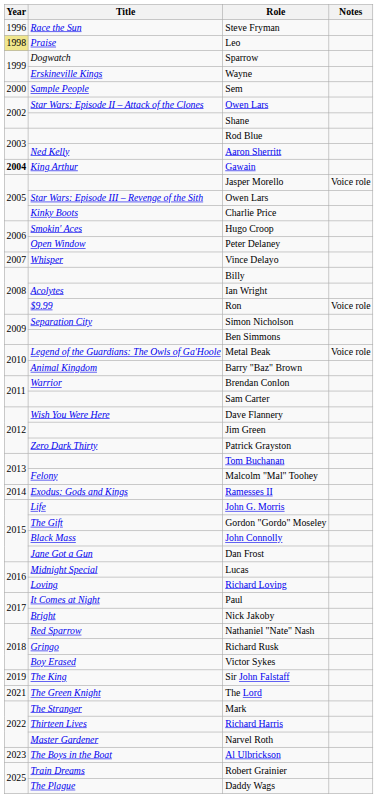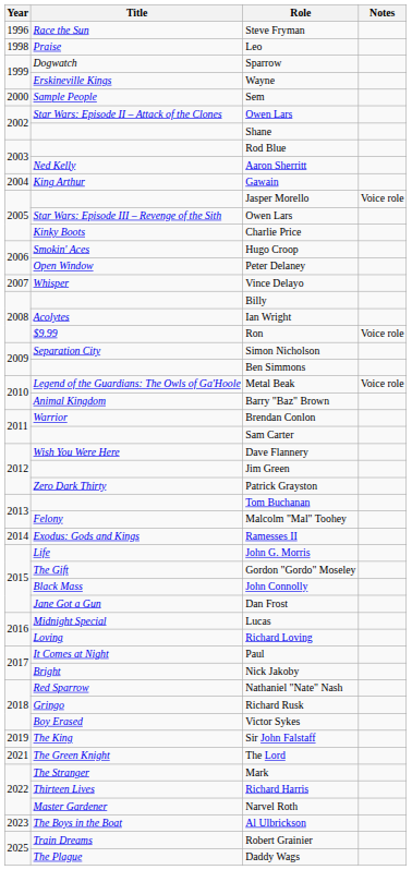 <table class="wikitable plainrowheaders sortable">
 <tr>
 <th scope="col">Year</th>
 <th scope="col">Title</th>
 <th scope="col">Role</th>
 <th class="unsortable">Notes</th>
 </tr>
 <tr>
 <td>1996</td>
 <td><em><a href='#'>Race the Sun</a></em></td>
 <td>Steve Fryman</td>
 <td></td>
 </tr>
 <tr>
-<td style="background: khaki;">1998</td>
+<td>1998</td>
 <td><em><a href='#'>Praise</a></em></td>
 <td>Leo</td>
 <td></td>
 </tr>
 <tr>
 <td rowspan="2">1999</td>
 <td><em>Dogwatch</em></td>
 <td>Sparrow</td>
 <td></td>
 </tr>
 <tr>
 <td><em><a href='#'>Erskineville Kings</a></em></td>
 <td>Wayne</td>
 <td></td>
 </tr>
 <tr>
 <td>2000</td>
 <td><em><a href='#'>Sample People</a></em></td>
 <td>Sem</td>
 <td></td>
 </tr>
 <tr>
 <td rowspan="2">2002</td>
 <td><em><a href='#'>Star Wars: Episode II – Attack of the Clones</a></em></td>
 <td><a href='#'>Owen Lars</a></td>
 <td></td>
 </tr>
 <tr>
 <td><em></em></td>
 <td>Shane</td>
 <td></td>
 </tr>
 <tr>
 <td rowspan="2">2003</td>
 <td><em></em></td>
 <td>Rod Blue</td>
 <td></td>
 </tr>
 <tr>
 <td><em><a href='#'>Ned Kelly</a></em></td>
 <td><a href='#'>Aaron Sherritt</a></td>
 <td></td>
 </tr>
 <tr>
-<td><strong>2004</strong></td>
+<td>2004</td>
 <td><em><a href='#'>King Arthur</a></em></td>
 <td><a href='#'>Gawain</a></td>
 <td></td>
 </tr>
 <tr>
 <td rowspan="3">2005</td>
 <td><em></em></td>
 <td>Jasper Morello</td>
 <td>Voice role</td>
 </tr>
 <tr>
 <td><em><a href='#'>Star Wars: Episode III – Revenge of the Sith</a></em></td>
 <td>Owen Lars</td>
 <td></td>
 </tr>
 <tr>
 <td><em><a href='#'>Kinky Boots</a></em></td>
 <td>Charlie Price</td>
 <td></td>
 </tr>
 <tr>
 <td rowspan="2">2006</td>
 <td><em><a href='#'>Smokin' Aces</a></em></td>
 <td>Hugo Croop</td>
 <td></td>
 </tr>
 <tr>
 <td><em><a href='#'>Open Window</a></em></td>
 <td>Peter Delaney</td>
 <td></td>
 </tr>
 <tr>
 <td>2007</td>
 <td><em><a href='#'>Whisper</a></em></td>
 <td>Vince Delayo</td>
 <td></td>
 </tr>
 <tr>
 <td rowspan="3">2008</td>
 <td><em></em></td>
 <td>Billy</td>
 <td></td>
 </tr>
 <tr>
 <td><em><a href='#'>Acolytes</a></em></td>
 <td>Ian Wright</td>
 <td></td>
 </tr>
 <tr>
 <td><em><a href='#'>$9.99</a></em></td>
 <td>Ron</td>
 <td>Voice role</td>
 </tr>
 <tr>
 <td rowspan="2">2009</td>
 <td><em><a href='#'>Separation City</a></em></td>
 <td>Simon Nicholson</td>
 <td></td>
 </tr>
 <tr>
 <td><em></em></td>
 <td>Ben Simmons</td>
 <td></td>
 </tr>
 <tr>
 <td rowspan="2">2010</td>
 <td><em><a href='#'>Legend of the Guardians: The Owls of Ga'Hoole</a></em></td>
 <td>Metal Beak</td>
 <td>Voice role</td>
 </tr>
 <tr>
 <td><em><a href='#'>Animal Kingdom</a></em></td>
 <td>Barry "Baz" Brown</td>
 <td></td>
 </tr>
 <tr>
 <td rowspan="2">2011</td>
 <td><em><a href='#'>Warrior</a></em></td>
 <td>Brendan Conlon</td>
 <td></td>
 </tr>
 <tr>
 <td><em></em></td>
 <td>Sam Carter</td>
 <td></td>
 </tr>
 <tr>
 <td rowspan="3">2012</td>
 <td><em><a href='#'>Wish You Were Here</a></em></td>
 <td>Dave Flannery</td>
 <td></td>
 </tr>
 <tr>
 <td><em></em></td>
 <td>Jim Green</td>
 <td></td>
 </tr>
 <tr>
 <td><em><a href='#'>Zero Dark Thirty</a></em></td>
 <td>Patrick Grayston</td>
 <td></td>
 </tr>
 <tr>
 <td rowspan="2">2013</td>
 <td><em></em></td>
 <td><a href='#'>Tom Buchanan</a></td>
 <td></td>
 </tr>
 <tr>
 <td><em><a href='#'>Felony</a></em></td>
 <td>Malcolm "Mal" Toohey</td>
 <td></td>
 </tr>
 <tr>
 <td>2014</td>
 <td><em><a href='#'>Exodus: Gods and Kings</a></em></td>
 <td><a href='#'>Ramesses II</a></td>
 <td></td>
 </tr>
 <tr>
 <td rowspan="4">2015</td>
 <td><em><a href='#'>Life</a></em></td>
 <td><a href='#'>John G. Morris</a></td>
 <td></td>
 </tr>
 <tr>
 <td><em><a href='#'>The Gift</a></em></td>
 <td>Gordon "Gordo" Moseley</td>
 <td></td>
 </tr>
 <tr>
 <td><em><a href='#'>Black Mass</a></em></td>
 <td><a href='#'>John Connolly</a></td>
 <td></td>
 </tr>
 <tr>
 <td><em><a href='#'>Jane Got a Gun</a></em></td>
 <td>Dan Frost</td>
 <td></td>
 </tr>
 <tr>
 <td rowspan="2">2016</td>
 <td><em><a href='#'>Midnight Special</a></em></td>
 <td>Lucas</td>
 <td></td>
 </tr>
 <tr>
 <td><em><a href='#'>Loving</a></em></td>
 <td><a href='#'>Richard Loving</a></td>
 <td></td>
 </tr>
 <tr>
 <td rowspan="2">2017</td>
 <td><em><a href='#'>It Comes at Night</a></em></td>
 <td>Paul</td>
 <td></td>
 </tr>
 <tr>
 <td><em><a href='#'>Bright</a></em></td>
 <td>Nick Jakoby</td>
 <td></td>
 </tr>
 <tr>
 <td rowspan="3">2018</td>
 <td><em><a href='#'>Red Sparrow</a></em></td>
 <td>Nathaniel "Nate" Nash</td>
 <td></td>
 </tr>
 <tr>
 <td><em><a href='#'>Gringo</a></em></td>
 <td>Richard Rusk</td>
 <td></td>
 </tr>
 <tr>
 <td><em><a href='#'>Boy Erased</a></em></td>
 <td>Victor Sykes</td>
 <td></td>
 </tr>
 <tr>
 <td>2019</td>
 <td><em><a href='#'>The King</a></em></td>
 <td>Sir <a href='#'>John Falstaff</a></td>
 <td></td>
 </tr>
 <tr>
 <td>2021</td>
 <td><em><a href='#'>The Green Knight</a></em></td>
 <td>The <a href='#'>Lord</a></td>
 <td></td>
 </tr>
 <tr>
 <td rowspan="3">2022</td>
 <td><em><a href='#'>The Stranger</a></em></td>
 <td>Mark</td>
 <td></td>
 </tr>
 <tr>
 <td><em><a href='#'>Thirteen Lives</a></em></td>
 <td><a href='#'>Richard Harris</a></td>
 <td></td>
 </tr>
 <tr>
 <td><em><a href='#'>Master Gardener</a></em></td>
 <td>Narvel Roth</td>
 <td></td>
 </tr>
 <tr>
 <td>2023</td>
 <td><em><a href='#'>The Boys in the Boat</a></em></td>
 <td><a href='#'>Al Ulbrickson</a></td>
 <td></td>
 </tr>
 <tr>
 <td rowspan=2>2025</td>
 <td><em><a href='#'>Train Dreams</a></em></td>
 <td>Robert Grainier</td>
 <td></td>
 </tr>
 <tr>
 <td><em><a href='#'>The Plague</a></em></td>
 <td>Daddy Wags</td>
 <td></td>
 </tr>
 </table>
